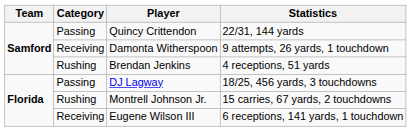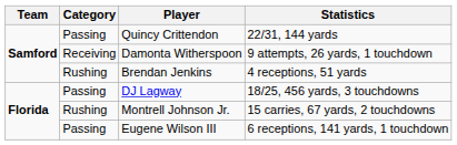 <table class="wikitable" style="float: right;">
 <tr>
 <th>Team</th>
 <th>Category</th>
 <th>Player</th>
 <th>Statistics</th>
 </tr>
 <tr>
 <td rowspan=3><strong>Samford</strong></td>
 <td>Passing</td>
 <td>Quincy Crittendon</td>
 <td>22/31, 144 yards</td>
 </tr>
 <tr>
 <td>Receiving</td>
 <td>Damonta Witherspoon</td>
 <td>9 attempts, 26 yards, 1 touchdown</td>
 </tr>
 <tr>
 <td>Rushing</td>
 <td>Brendan Jenkins</td>
 <td>4 receptions, 51 yards</td>
 </tr>
 <tr>
 <td rowspan=3><strong>Florida</strong></td>
 <td>Passing</td>
 <td><a href='#'>DJ Lagway</a></td>
 <td>18/25, 456 yards, 3 touchdowns</td>
 </tr>
 <tr>
 <td>Rushing</td>
 <td>Montrell Johnson Jr.</td>
 <td>15 carries, 67 yards, 2 touchdowns</td>
 </tr>
 <tr>
-<td>Receiving</td>
+<td>Passing</td>
 <td>Eugene Wilson III</td>
 <td>6 receptions, 141 yards, 1 touchdown</td>
 </tr>
 </table>
